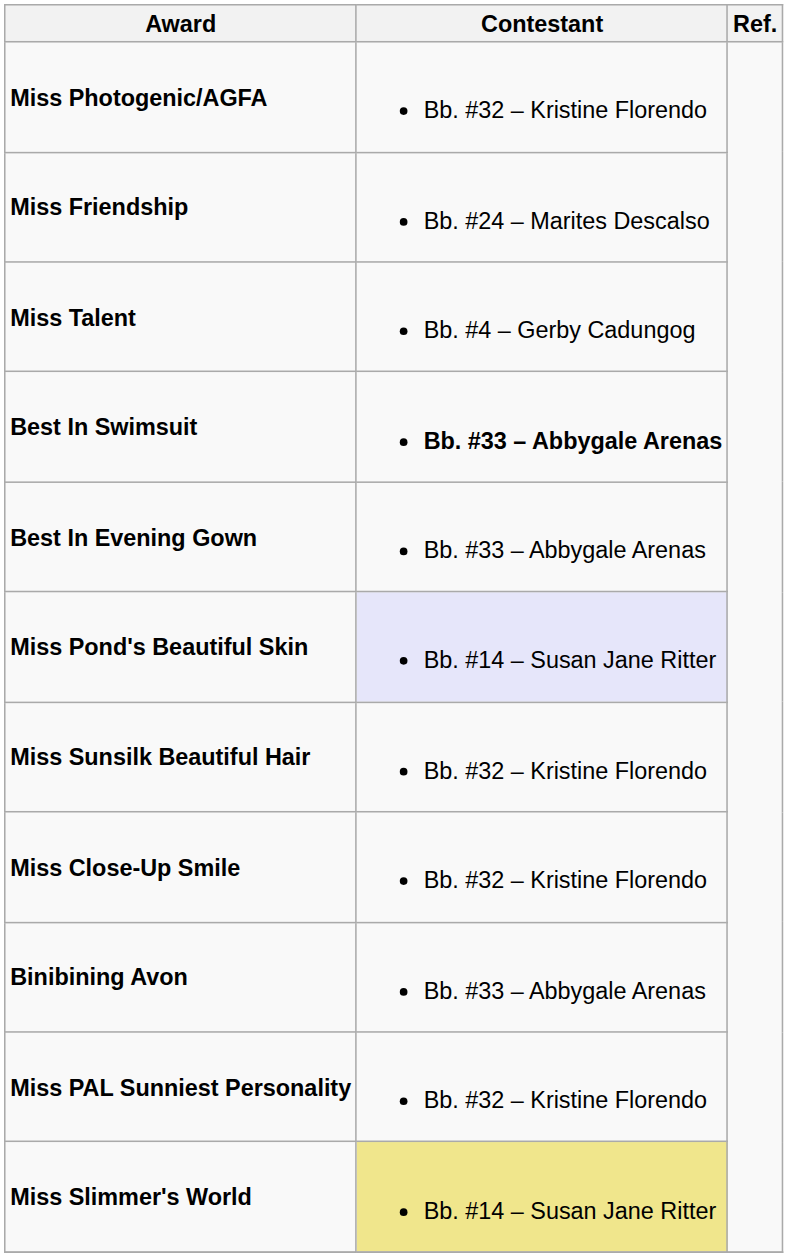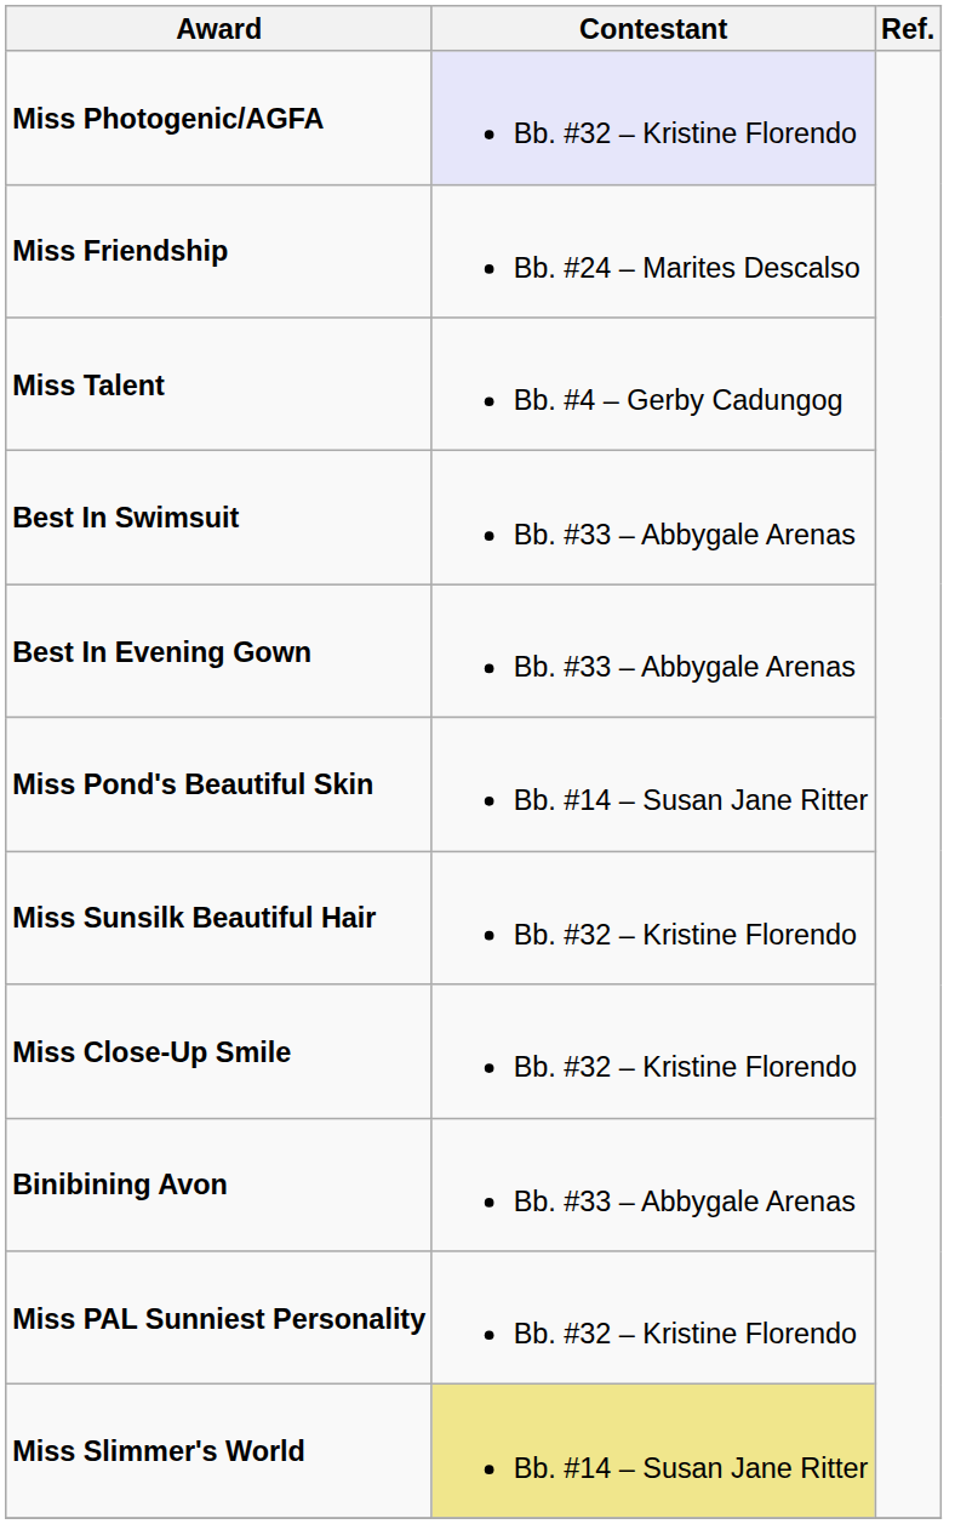 <table class="wikitable" style="text-align:left; font-size:95%; line-height:17px; width:auto;">
 <tr>
 <th>Award</th>
 <th>Contestant</th>
 <th>Ref.</th>
 </tr>
 <tr>
 <td><strong>Miss Photogenic/AGFA</strong></td>
-<td><br><ul><li>Bb. #32 – Kristine Florendo</li></ul></td>
+<td style="background: lavender;"><br><ul><li>Bb. #32 – Kristine Florendo</li></ul></td>
 <td rowspan="11"></td>
 </tr>
 <tr>
 <td><strong>Miss Friendship</strong></td>
 <td><br><ul><li>Bb. #24 – Marites Descalso</li></ul></td>
 </tr>
 <tr>
 <td><strong>Miss Talent</strong></td>
 <td><br><ul><li>Bb. #4 – Gerby Cadungog</li></ul></td>
 </tr>
 <tr>
 <td><strong>Best In Swimsuit</strong></td>
-<td><strong><br><ul><li>Bb. #33 – Abbygale Arenas</li></ul></strong></td>
+<td><br><ul><li>Bb. #33 – Abbygale Arenas</li></ul></td>
 </tr>
 <tr>
 <td><strong>Best In Evening Gown</strong></td>
 <td><br><ul><li>Bb. #33 – Abbygale Arenas</li></ul></td>
 </tr>
 <tr>
 <td><strong>Miss Pond's Beautiful Skin</strong></td>
-<td style="background: lavender;"><br><ul><li>Bb. #14 – Susan Jane Ritter</li></ul></td>
+<td><br><ul><li>Bb. #14 – Susan Jane Ritter</li></ul></td>
 </tr>
 <tr>
 <td><strong>Miss Sunsilk Beautiful Hair</strong></td>
 <td><br><ul><li>Bb. #32 – Kristine Florendo</li></ul></td>
 </tr>
 <tr>
 <td><strong>Miss Close-Up Smile</strong></td>
 <td><br><ul><li>Bb. #32 – Kristine Florendo</li></ul></td>
 </tr>
 <tr>
 <td><strong>Binibining Avon</strong></td>
 <td><br><ul><li>Bb. #33 – Abbygale Arenas</li></ul></td>
 </tr>
 <tr>
 <td><strong>Miss PAL Sunniest Personality</strong></td>
 <td><br><ul><li>Bb. #32 – Kristine Florendo</li></ul></td>
 </tr>
 <tr>
 <td><strong>Miss Slimmer's World</strong></td>
 <td style="background: khaki;"><br><ul><li>Bb. #14 – Susan Jane Ritter</li></ul></td>
 </tr>
 <tr>
 </tr>
 </table>
